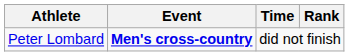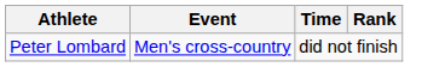 <table class="wikitable" style="font-size:90%">
 <tr>
 <th>Athlete</th>
 <th>Event</th>
 <th>Time</th>
 <th>Rank</th>
 </tr>
 <tr align=center>
 <td align=left><a href='#'>Peter Lombard</a></td>
-<td align=left><strong><a href='#'>Men's cross-country</a></strong></td>
+<td align=left><a href='#'>Men's cross-country</a></td>
 <td colspan=2>did not finish</td>
 </tr>
 </table>
